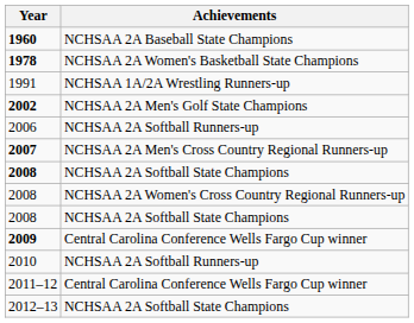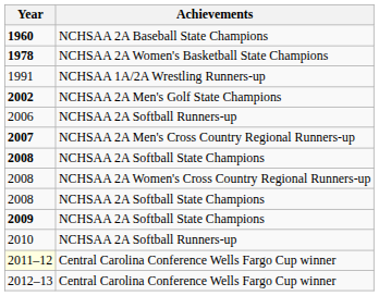 <table class=wikitable>
 <tr>
 <th>Year</th>
 <th>Achievements</th>
 </tr>
 <tr>
 <td><strong>1960</strong></td>
 <td>NCHSAA 2A Baseball State Champions</td>
 </tr>
 <tr>
 <td><strong>1978</strong></td>
 <td>NCHSAA 2A Women's Basketball State Champions</td>
 </tr>
 <tr>
 <td>1991</td>
 <td>NCHSAA 1A/2A Wrestling Runners-up</td>
 </tr>
 <tr>
 <td><strong>2002</strong></td>
 <td>NCHSAA 2A Men's Golf State Champions</td>
 </tr>
 <tr>
 <td>2006</td>
 <td>NCHSAA 2A Softball Runners-up</td>
 </tr>
 <tr>
 <td><strong>2007</strong></td>
 <td>NCHSAA 2A Men's Cross Country Regional Runners-up</td>
 </tr>
 <tr>
 <td><strong>2008</strong></td>
 <td>NCHSAA 2A Softball State Champions</td>
 </tr>
 <tr>
 <td>2008</td>
 <td>NCHSAA 2A Women's Cross Country Regional Runners-up</td>
 </tr>
 <tr>
 <td>2008</td>
 <td>NCHSAA 2A Softball State Champions</td>
 </tr>
 <tr>
 <td><strong>2009</strong></td>
-<td>Central Carolina Conference Wells Fargo Cup winner</td>
+<td>NCHSAA 2A Softball State Champions</td>
 </tr>
 <tr>
 <td>2010</td>
 <td>NCHSAA 2A Softball Runners-up</td>
 </tr>
 <tr>
-<td>2011–12</td>
+<td style="background: lightyellow;">2011–12</td>
 <td>Central Carolina Conference Wells Fargo Cup winner</td>
 </tr>
 <tr>
 <td>2012–13</td>
-<td>NCHSAA 2A Softball State Champions</td>
+<td>Central Carolina Conference Wells Fargo Cup winner</td>
 </tr>
 </table>
